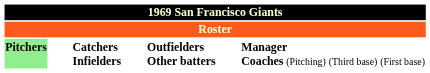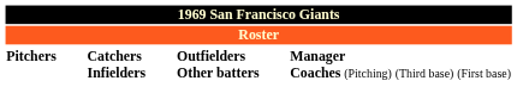 <table class="toccolours" style="font-size: 95%;">
 <tr>
 <th colspan="10" style="background-color: black; color: #FFFDD0; text-align: center;">1969 San Francisco Giants</th>
 </tr>
 <tr>
 <td colspan="10" style="background-color: #fd5a1e; color: #FFFDD0; text-align: center;"><strong>Roster</strong></td>
 </tr>
 <tr>
-<td valign="top" style="background: lightgreen;"><strong>Pitchers</strong><br>             </td>
+<td valign="top"><strong>Pitchers</strong><br>             </td>
 <td width="25px"></td>
 <td valign="top"><strong>Catchers</strong><br>     <strong>Infielders</strong>         </td>
 <td width="25px"></td>
 <td valign="top"><strong>Outfielders</strong><br>        <strong>Other batters</strong> </td>
 <td width="25px"></td>
 <td valign="top"><strong>Manager</strong><br> <strong>Coaches</strong>  <small>(Pitching)</small>  <small>(Third base)</small>  <small>(First base)</small></td>
 </tr>
 <tr>
 </tr>
 </table>
